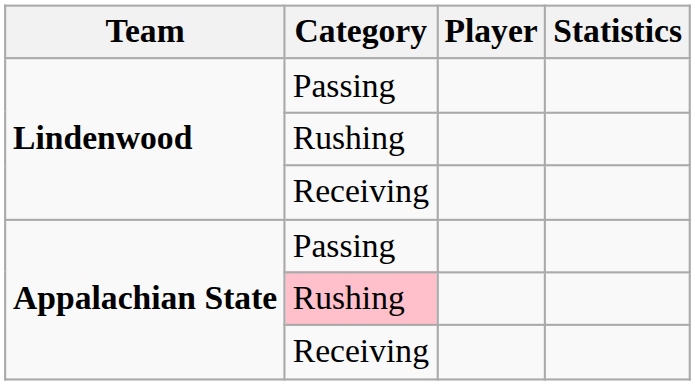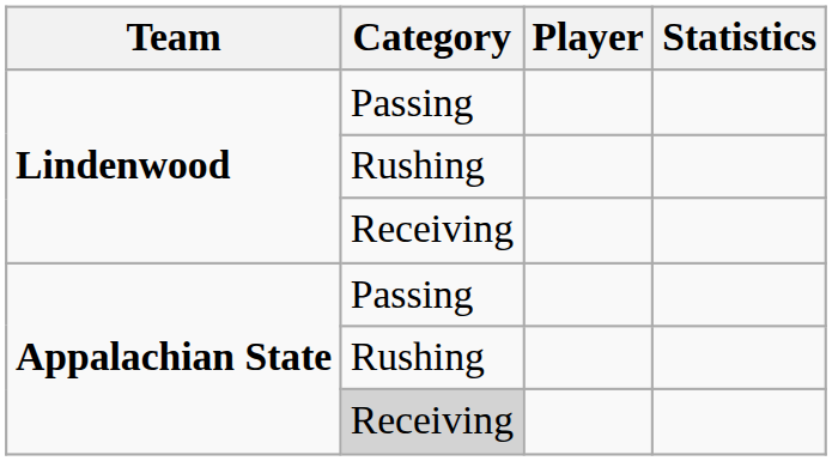 <table class="wikitable" style="float: right;">
 <tr>
 <th>Team</th>
 <th>Category</th>
 <th>Player</th>
 <th>Statistics</th>
 </tr>
 <tr>
 <td rowspan=3><strong>Lindenwood</strong></td>
 <td>Passing</td>
 <td></td>
 <td></td>
 </tr>
 <tr>
 <td>Rushing</td>
 <td></td>
 <td></td>
 </tr>
 <tr>
 <td>Receiving</td>
 <td></td>
 <td></td>
 </tr>
 <tr>
 <td rowspan=3><strong>Appalachian State</strong></td>
 <td>Passing</td>
 <td></td>
 <td></td>
 </tr>
 <tr>
-<td style="background: pink;">Rushing</td>
+<td>Rushing</td>
 <td></td>
 <td></td>
 </tr>
 <tr>
-<td>Receiving</td>
+<td style="background: lightgrey;">Receiving</td>
 <td></td>
 <td></td>
 </tr>
 </table>
